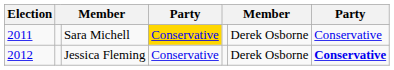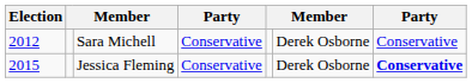 <table class="wikitable">
 <tr>
 <th>Election</th>
 <th colspan="2">Member</th>
 <th>Party</th>
 <th colspan="2">Member</th>
 <th>Party</th>
 </tr>
 <tr>
-<td><a href='#'>2011</a></td>
+<td><a href='#'>2012</a></td>
 <td style="background-color: "></td>
 <td>Sara Michell</td>
-<td style="background: gold;"><a href='#'>Conservative</a></td>
+<td><a href='#'>Conservative</a></td>
 <td style="background-color: "></td>
 <td>Derek Osborne</td>
 <td><a href='#'>Conservative</a></td>
 </tr>
 <tr>
-<td><a href='#'>2012</a></td>
+<td><a href='#'>2015</a></td>
 <td style="background-color: "></td>
 <td>Jessica Fleming</td>
 <td><a href='#'>Conservative</a></td>
 <td style="background-color: "></td>
 <td>Derek Osborne</td>
 <td><strong><a href='#'>Conservative</a></strong></td>
 </tr>
 </table>
